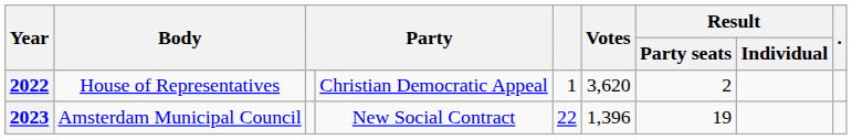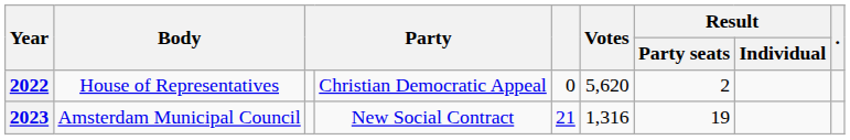 <table class="wikitable plainrowheaders sortable" border=2 cellpadding=4 cellspacing=0 style="border: 1px #aaa solid; font-size: 90%; text-align:center;">
 <tr>
 <th scope="col" rowspan=2>Year</th>
 <th scope="col" rowspan=2>Body</th>
 <th scope="col" colspan=2 rowspan=2>Party</th>
 <th scope="col" rowspan=2></th>
 <th scope="col" rowspan=2>Votes</th>
 <th scope="colgroup" colspan=2>Result</th>
 <th scope="col" rowspan=2 class="unsortable">.</th>
 </tr>
 <tr>
 <th scope="col">Party seats</th>
 <th scope="col">Individual</th>
 </tr>
 <tr>
 <th scope="row"><a href='#'>2022</a></th>
 <td><a href='#'>House of Representatives</a></td>
 <td style="background-color:"></td>
 <td><a href='#'>Christian Democratic Appeal</a></td>
-<td style=text-align:right>1</td>
-<td style=text-align:right>3,620</td>
+<td style=text-align:right>0</td>
+<td style=text-align:right>5,620</td>
 <td style=text-align:right>2</td>
 <td></td>
 <td></td>
 </tr>
 <tr>
 <th scope="row"><a href='#'>2023</a></th>
 <td><a href='#'>Amsterdam Municipal Council</a></td>
 <td style="background-color:"></td>
 <td><a href='#'>New Social Contract</a></td>
-<td style=text-align:right><a href='#'>22</a></td>
-<td style=text-align:right>1,396</td>
+<td style=text-align:right><a href='#'>21</a></td>
+<td style=text-align:right>1,316</td>
 <td style=text-align:right>19</td>
 <td></td>
 <td></td>
 </tr>
 </table>
